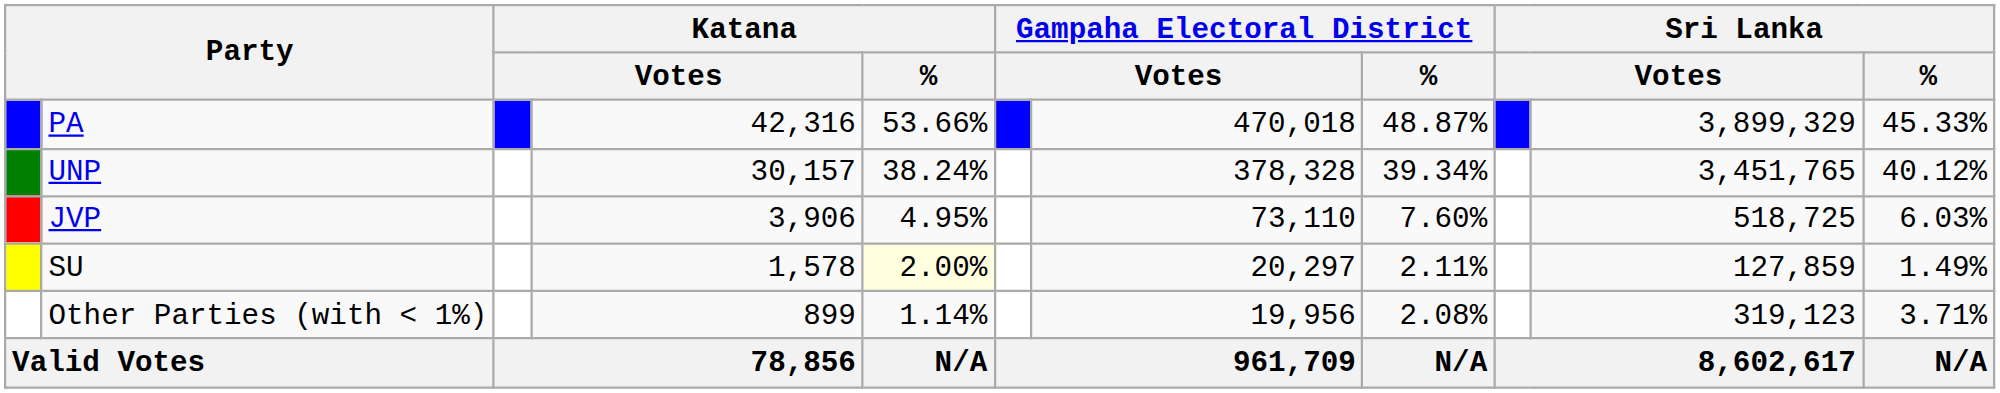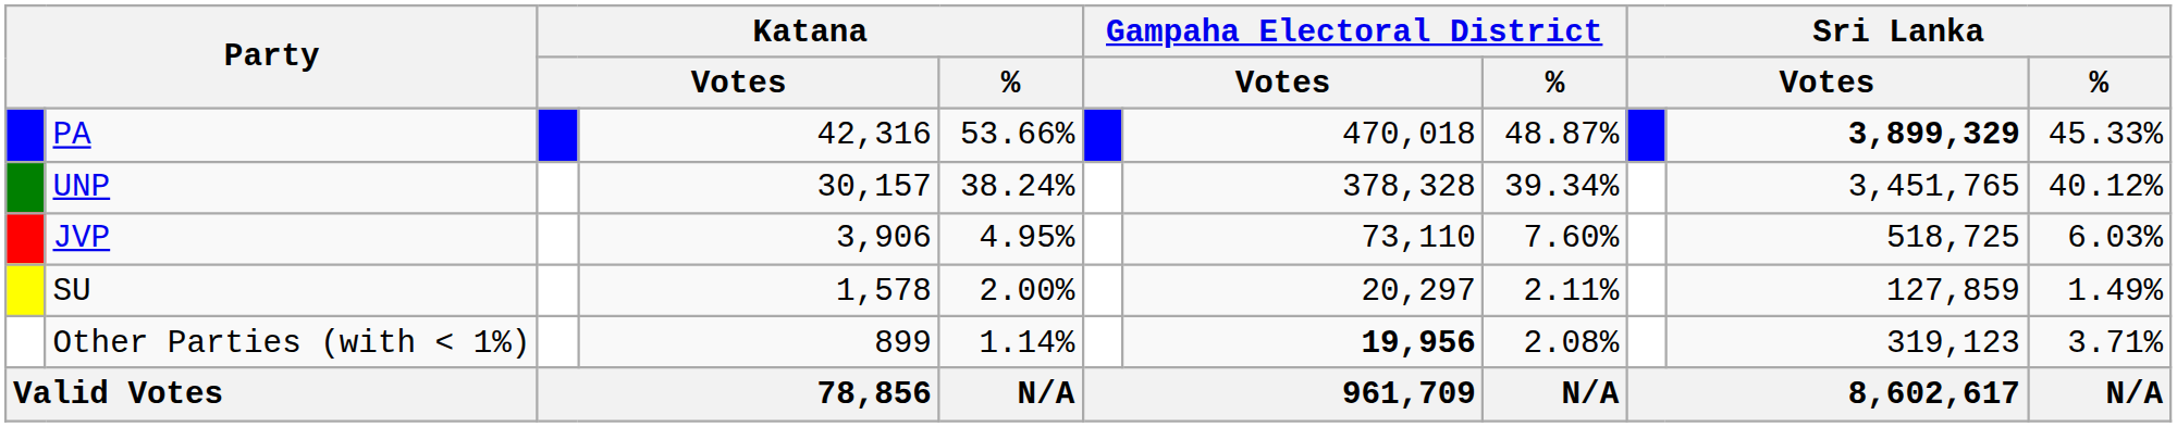 <table class="wikitable">
 <tr>
 <th colspan="2" width="144px"rowspan="2">Party</th>
 <th colspan="3" width="216px">Katana</th>
 <th colspan="3" width="216px"><a href='#'>Gampaha Electoral District</a></th>
 <th colspan="3" width="216px">Sri Lanka</th>
 </tr>
 <tr>
 <th colspan="2" width="144px">Votes</th>
 <th>%</th>
 <th colspan="2" width="144px">Votes</th>
 <th>%</th>
 <th colspan="2" width="144px">Votes</th>
 <th>%</th>
 </tr>
 <tr>
 <td style="background-color:blue;" width="10px"></td>
 <td style="text-align:left;"><a href='#'>PA</a></td>
 <td style="background-color:blue;" width="10px"></td>
 <td style="text-align:right;">42,316</td>
 <td style="text-align:right;">53.66%</td>
 <td style="background-color:blue;" width="10px"></td>
 <td style="text-align:right;">470,018</td>
 <td style="text-align:right;">48.87%</td>
 <td style="background-color:blue;" width="10px"></td>
-<td style="text-align:right;">3,899,329</td>
+<td style="text-align:right;"><strong>3,899,329</strong></td>
 <td style="text-align:right;">45.33%</td>
 </tr>
 <tr>
 <td style="background-color:green;" width="10px"></td>
 <td style="text-align:left;"><a href='#'>UNP</a></td>
 <td style="background-color:white;" width="10px"></td>
 <td style="text-align:right;">30,157</td>
 <td style="text-align:right;">38.24%</td>
 <td style="background-color:white;" width="10px"></td>
 <td style="text-align:right;">378,328</td>
 <td style="text-align:right;">39.34%</td>
 <td style="background-color:white;" width="10px"></td>
 <td style="text-align:right;">3,451,765</td>
 <td style="text-align:right;">40.12%</td>
 </tr>
 <tr>
 <td style="background-color:red;" width="10px"></td>
 <td style="text-align:left;"><a href='#'>JVP</a></td>
 <td style="background-color:white;" width="10px"></td>
 <td style="text-align:right;">3,906</td>
 <td style="text-align:right;">4.95%</td>
 <td style="background-color:white;" width="10px"></td>
 <td style="text-align:right;">73,110</td>
 <td style="text-align:right;">7.60%</td>
 <td style="background-color:white;" width="10px"></td>
 <td style="text-align:right;">518,725</td>
 <td style="text-align:right;">6.03%</td>
 </tr>
 <tr>
 <td style="background-color:yellow;" width="10px"></td>
 <td style="text-align:left;">SU</td>
 <td style="background-color:white;" width="10px"></td>
 <td style="text-align:right;">1,578</td>
-<td style="background: lightyellow; text-align:right;">2.00%</td>
+<td style="text-align:right;">2.00%</td>
 <td style="background-color:white;" width="10px"></td>
 <td style="text-align:right;">20,297</td>
 <td style="text-align:right;">2.11%</td>
 <td style="background-color:white;" width="10px"></td>
 <td style="text-align:right;">127,859</td>
 <td style="text-align:right;">1.49%</td>
 </tr>
 <tr>
 <td style="background-color:white;" width="10px"></td>
 <td style="text-align:left;">Other Parties (with < 1%)</td>
 <td style="background-color:white;" width="10px"></td>
 <td style="text-align:right;">899</td>
 <td style="text-align:right;">1.14%</td>
 <td style="background-color:white;" width="10px"></td>
-<td style="text-align:right;">19,956</td>
+<td style="text-align:right;"><strong>19,956</strong></td>
 <td style="text-align:right;">2.08%</td>
 <td style="background-color:white;" width="10px"></td>
 <td style="text-align:right;">319,123</td>
 <td style="text-align:right;">3.71%</td>
 </tr>
 <tr>
 <th colspan="2" width="144px"style="text-align:left;">Valid Votes</th>
 <th style="text-align:right;"colspan="2" width="144px">78,856</th>
 <th style="text-align:right;">N/A</th>
 <th style="text-align:right;"colspan="2" width="144px">961,709</th>
 <th style="text-align:right;">N/A</th>
 <th style="text-align:right;"colspan="2" width="144px">8,602,617</th>
 <th style="text-align:right;">N/A</th>
 </tr>
 </table>
